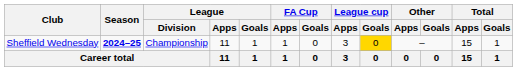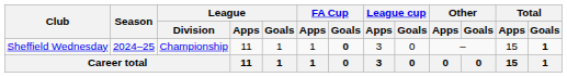 <table class=wikitable style="text-align:center">
 <tr>
 <th rowspan="2">Club</th>
 <th rowspan="2">Season</th>
 <th colspan="3">League</th>
 <th colspan="2"><a href='#'>FA Cup</a></th>
 <th colspan="2"><a href='#'>League cup</a></th>
 <th colspan="2">Other</th>
 <th colspan="2">Total</th>
 </tr>
 <tr>
 <th>Division</th>
 <th>Apps</th>
 <th>Goals</th>
 <th>Apps</th>
 <th>Goals</th>
 <th>Apps</th>
 <th>Goals</th>
 <th>Apps</th>
 <th>Goals</th>
 <th>Apps</th>
 <th>Goals</th>
 </tr>
 <tr>
 <td><a href='#'>Sheffield Wednesday</a></td>
-<td><strong><a href='#'>2024–25</a></strong></td>
+<td><a href='#'>2024–25</a></td>
 <td><a href='#'>Championship</a></td>
 <td>11</td>
 <td>1</td>
 <td>1</td>
+<td><strong>0</strong></td>
+<td>3</td>
 <td>0</td>
-<td>3</td>
-<td style="background: gold;">0</td>
 <td colspan="2">–</td>
 <td>15</td>
-<td>1</td>
+<td><strong>1</strong></td>
 </tr>
 <tr>
 <th colspan="3">Career total</th>
 <th>11</th>
 <th>1</th>
 <th>1</th>
 <th>0</th>
 <th>3</th>
 <th>0</th>
 <th>0</th>
 <th>0</th>
 <th>15</th>
 <th>1</th>
 </tr>
 </table>
